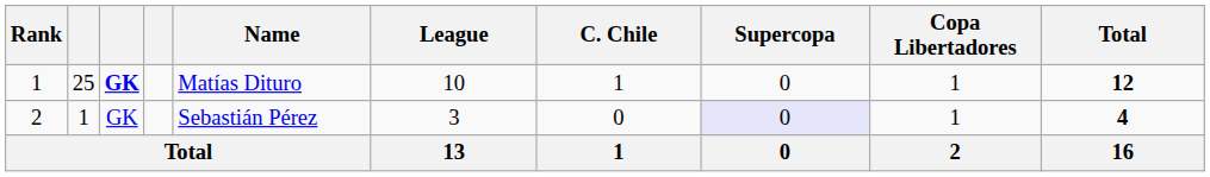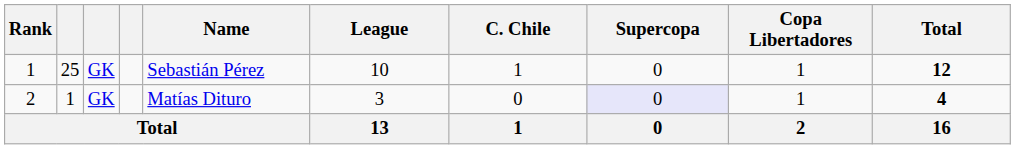 <table class="wikitable sortable" style="text-align:center">
 <tr>
 <th width="15">Rank</th>
 <th width="15"></th>
 <th width="15"></th>
 <th width="15"></th>
 <th width="145">Name</th>
 <th width="120">League</th>
 <th width="120">C. Chile</th>
 <th width="120">Supercopa</th>
 <th width="120">Copa<br>Libertadores</th>
 <th width="120">Total</th>
 </tr>
 <tr>
 <td>1</td>
 <td>25</td>
-<td><strong><a href='#'>GK</a></strong></td>
+<td><a href='#'>GK</a></td>
 <td></td>
-<td align=left><a href='#'>Matías Dituro</a></td>
+<td align=left><a href='#'>Sebastián Pérez</a></td>
 <td>10</td>
 <td>1</td>
 <td>0</td>
 <td>1</td>
 <td><strong>12</strong></td>
 </tr>
 <tr>
 <td>2</td>
 <td>1</td>
 <td><a href='#'>GK</a></td>
 <td></td>
-<td align=left><a href='#'>Sebastián Pérez</a></td>
+<td align=left><a href='#'>Matías Dituro</a></td>
 <td>3</td>
 <td>0</td>
 <td style="background: lavender;">0</td>
 <td>1</td>
 <td><strong>4</strong></td>
 </tr>
 <tr>
 <th colspan=5>Total</th>
 <th>13</th>
 <th>1</th>
 <th>0</th>
 <th>2</th>
 <th>16</th>
 </tr>
 </table>
